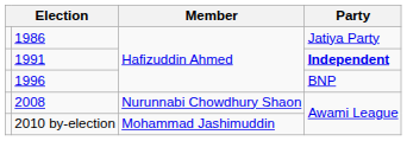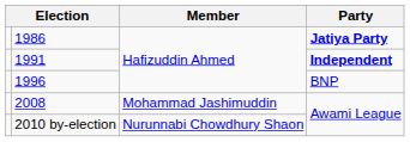 <table class="wikitable">
 <tr>
 <th colspan="2">Election</th>
 <th>Member</th>
 <th>Party</th>
 </tr>
 <tr>
 <td style="background-color:"></td>
 <td><a href='#'>1986</a></td>
 <td rowspan="3"><a href='#'>Hafizuddin Ahmed</a></td>
-<td><a href='#'>Jatiya Party</a></td>
+<td><strong><a href='#'>Jatiya Party</a></strong></td>
 </tr>
 <tr>
 <td style="background-color:"></td>
 <td><a href='#'>1991</a></td>
 <td><strong><a href='#'>Independent</a></strong></td>
 </tr>
 <tr>
 <td style="background-color:"></td>
 <td><a href='#'>1996</a></td>
 <td><a href='#'>BNP</a></td>
 </tr>
 <tr>
 <td style="background-color:"></td>
 <td><a href='#'>2008</a></td>
-<td><a href='#'>Nurunnabi Chowdhury Shaon</a></td>
+<td><a href='#'>Mohammad Jashimuddin</a></td>
 <td rowspan="2"><a href='#'>Awami League</a></td>
 </tr>
 <tr>
 <td rowspan="4" style="background-color:"></td>
 <td 2010 By Election>2010 by-election</td>
-<td><a href='#'>Mohammad Jashimuddin</a></td>
+<td><a href='#'>Nurunnabi Chowdhury Shaon</a></td>
 </tr>
 </table>
